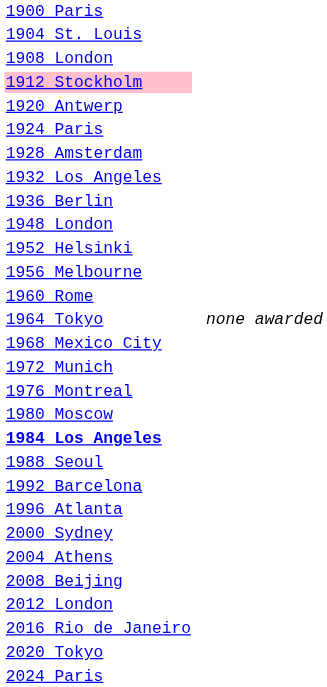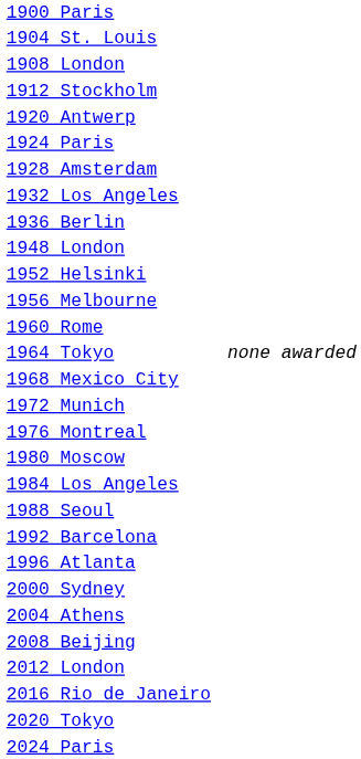 <table>
 <tr>
 <td><a href='#'>1900 Paris</a><br></td>
 <td></td>
 <td></td>
 <td></td>
 </tr>
 <tr>
 <td><a href='#'>1904 St. Louis</a><br></td>
 <td></td>
 <td></td>
 <td></td>
 </tr>
 <tr>
 <td><a href='#'>1908 London</a><br></td>
 <td></td>
 <td></td>
 <td></td>
 </tr>
 <tr>
-<td style="background: pink;"><a href='#'>1912 Stockholm</a><br></td>
+<td><a href='#'>1912 Stockholm</a><br></td>
 <td></td>
 <td></td>
 <td></td>
 </tr>
 <tr>
 <td><a href='#'>1920 Antwerp</a><br></td>
 <td></td>
 <td></td>
 <td></td>
 </tr>
 <tr>
 <td><a href='#'>1924 Paris</a><br></td>
 <td></td>
 <td></td>
 <td></td>
 </tr>
 <tr>
 <td><a href='#'>1928 Amsterdam</a><br></td>
 <td></td>
 <td></td>
 <td></td>
 </tr>
 <tr>
 <td><a href='#'>1932 Los Angeles</a><br></td>
 <td></td>
 <td></td>
 <td></td>
 </tr>
 <tr>
 <td><a href='#'>1936 Berlin</a><br></td>
 <td></td>
 <td></td>
 <td></td>
 </tr>
 <tr>
 <td><a href='#'>1948 London</a><br></td>
 <td></td>
 <td></td>
 <td></td>
 </tr>
 <tr>
 <td><a href='#'>1952 Helsinki</a><br></td>
 <td></td>
 <td></td>
 <td></td>
 </tr>
 <tr>
 <td><a href='#'>1956 Melbourne</a><br></td>
 <td></td>
 <td></td>
 <td></td>
 </tr>
 <tr>
 <td><a href='#'>1960 Rome</a><br></td>
 <td></td>
 <td></td>
 <td></td>
 </tr>
 <tr valign="top">
 <td rowspan="3"><a href='#'>1964 Tokyo</a><br></td>
 <td rowspan="3"></td>
 <td></td>
 <td rowspan="3" align="center"><em>none awarded</em></td>
 </tr>
 <tr>
 <td></td>
 </tr>
 <tr>
 <td></td>
 </tr>
 <tr>
 <td><a href='#'>1968 Mexico City</a><br></td>
 <td></td>
 <td></td>
 <td></td>
 </tr>
 <tr>
 <td><a href='#'>1972 Munich</a><br></td>
 <td></td>
 <td></td>
 <td></td>
 </tr>
 <tr>
 <td><a href='#'>1976 Montreal</a><br></td>
 <td></td>
 <td></td>
 <td></td>
 </tr>
 <tr>
 <td><a href='#'>1980 Moscow</a><br></td>
 <td></td>
 <td></td>
 <td></td>
 </tr>
 <tr>
-<td><strong><a href='#'>1984 Los Angeles</a><br></strong></td>
+<td><a href='#'>1984 Los Angeles</a><br></td>
 <td></td>
 <td></td>
 <td></td>
 </tr>
 <tr>
 <td><a href='#'>1988 Seoul</a><br></td>
 <td></td>
 <td></td>
 <td></td>
 </tr>
 <tr>
 <td><a href='#'>1992 Barcelona</a><br></td>
 <td></td>
 <td></td>
 <td></td>
 </tr>
 <tr>
 <td><a href='#'>1996 Atlanta</a><br></td>
 <td></td>
 <td></td>
 <td></td>
 </tr>
 <tr>
 <td><a href='#'>2000 Sydney</a><br></td>
 <td></td>
 <td></td>
 <td></td>
 </tr>
 <tr>
 <td><a href='#'>2004 Athens</a><br></td>
 <td></td>
 <td></td>
 <td></td>
 </tr>
 <tr>
 <td><a href='#'>2008 Beijing</a><br></td>
 <td></td>
 <td></td>
 <td></td>
 </tr>
 <tr>
 <td><a href='#'>2012 London</a><br></td>
 <td></td>
 <td></td>
 <td></td>
 </tr>
 <tr>
 <td><a href='#'>2016 Rio de Janeiro</a><br></td>
 <td></td>
 <td></td>
 <td></td>
 </tr>
 <tr>
 <td><a href='#'>2020 Tokyo</a><br></td>
 <td></td>
 <td></td>
 <td></td>
 </tr>
 <tr>
 <td><a href='#'>2024 Paris</a><br></td>
 <td></td>
 <td></td>
 <td></td>
 </tr>
 <tr>
 </tr>
 </table>
